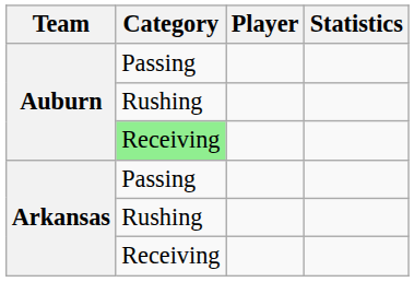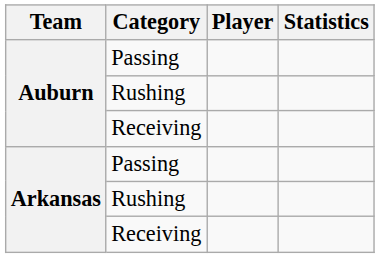 <table class="wikitable" style="float:right">
 <tr>
 <th>Team</th>
 <th>Category</th>
 <th>Player</th>
 <th>Statistics</th>
 </tr>
 <tr>
 <th rowspan=3>Auburn</th>
 <td>Passing</td>
 <td></td>
 <td></td>
 </tr>
 <tr>
 <td>Rushing</td>
 <td></td>
 <td></td>
 </tr>
 <tr>
-<td style="background: lightgreen;">Receiving</td>
+<td>Receiving</td>
 <td></td>
 <td></td>
 </tr>
 <tr>
 <th rowspan=3>Arkansas</th>
 <td>Passing</td>
 <td></td>
 <td></td>
 </tr>
 <tr>
 <td>Rushing</td>
 <td></td>
 <td></td>
 </tr>
 <tr>
 <td>Receiving</td>
 <td></td>
 <td></td>
 </tr>
 </table>
